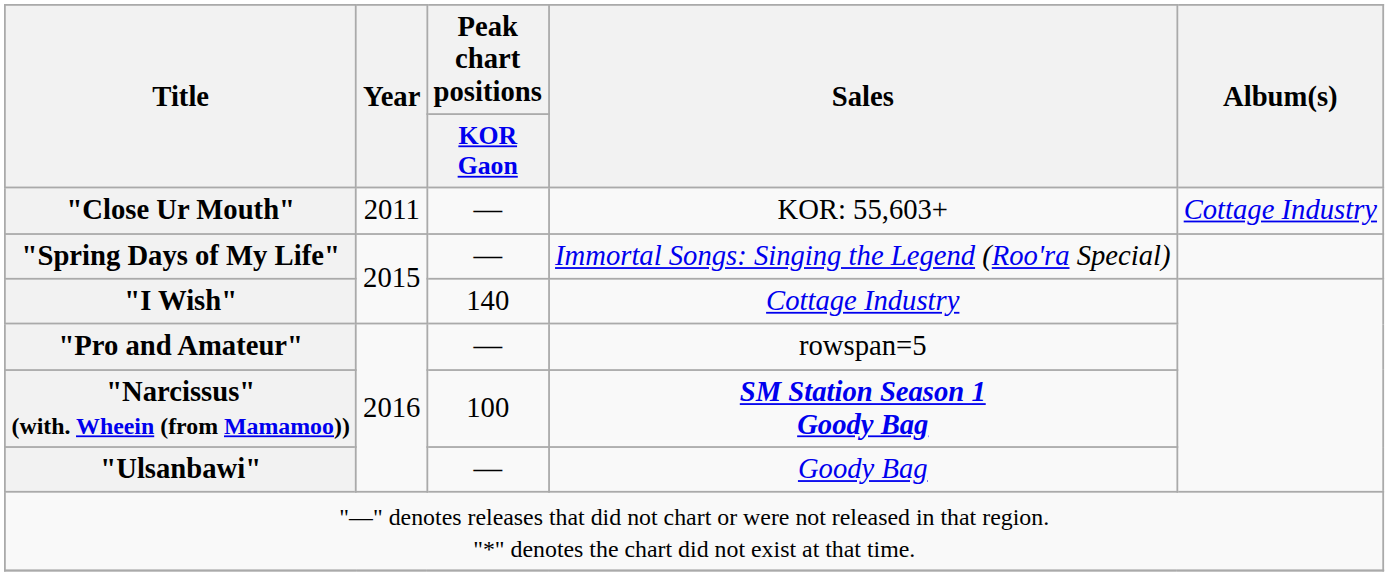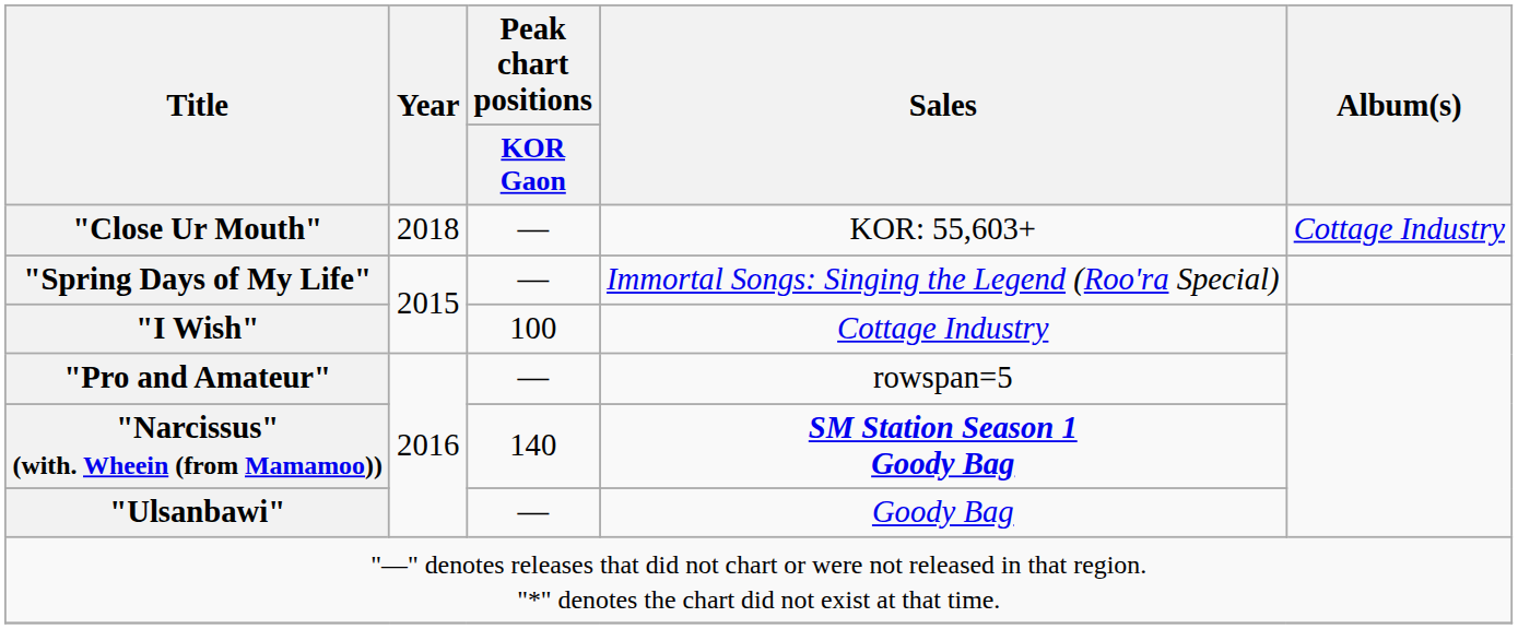 <table class="wikitable plainrowheaders" style="text-align:center;">
 <tr>
 <th rowspan="2">Title</th>
 <th rowspan="2">Year</th>
 <th colspan="1">Peak chart positions</th>
 <th rowspan="2">Sales</th>
 <th rowspan="2">Album(s)</th>
 </tr>
 <tr>
 <th style="width:3em;font-size:90%;"><a href='#'>KOR<br>Gaon</a><br></th>
 </tr>
 <tr>
 <th scope="row">"Close Ur Mouth"</th>
-<td>2011</td>
+<td>2018</td>
 <td>—</td>
 <td>KOR: 55,603+</td>
 <td><em><a href='#'>Cottage Industry</a></em></td>
 </tr>
 <tr>
 <th scope="row">"Spring Days of My Life"<br></th>
 <td rowspan=2>2015</td>
 <td>—</td>
 <td><em><a href='#'>Immortal Songs: Singing the Legend</a> (<a href='#'>Roo'ra</a> Special)</em></td>
 <td></td>
 </tr>
 <tr>
 <th scope="row">"I Wish"</th>
-<td>140</td>
+<td>100</td>
 <td><em><a href='#'>Cottage Industry</a></em></td>
 </tr>
 <tr>
 <th scope="row">"Pro and Amateur"<br></th>
 <td rowspan="3">2016</td>
 <td>—</td>
 <td>rowspan=5 </td>
 </tr>
 <tr>
 <th scope="row">"Narcissus"<br><small>(with. <a href='#'>Wheein</a> (from <a href='#'>Mamamoo</a>))</small></th>
-<td>100</td>
+<td>140</td>
 <td><strong><em><a href='#'>SM Station Season 1</a></em><br><em><a href='#'>Goody Bag</a></em></strong></td>
 </tr>
 <tr>
 <th scope="row">"Ulsanbawi"</th>
 <td>—</td>
 <td><em><a href='#'>Goody Bag</a></em></td>
 </tr>
 <tr>
 <td colspan="6"><small>"—" denotes releases that did not chart or were not released in that region.<br>"*" denotes the chart did not exist at that time.</small></td>
 </tr>
 <tr>
 </tr>
 </table>
